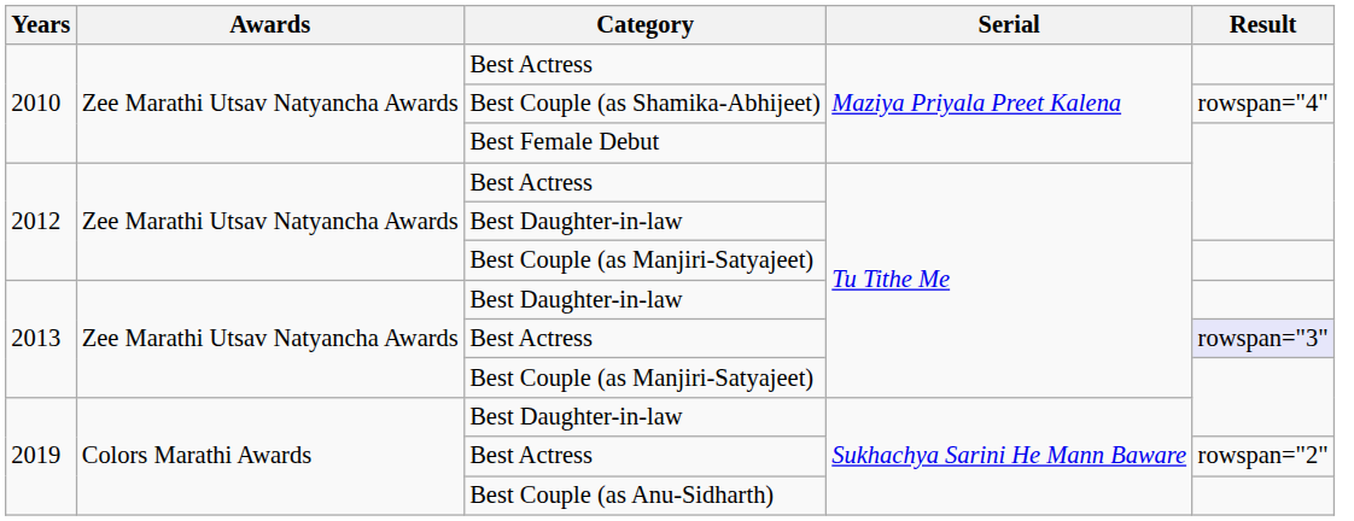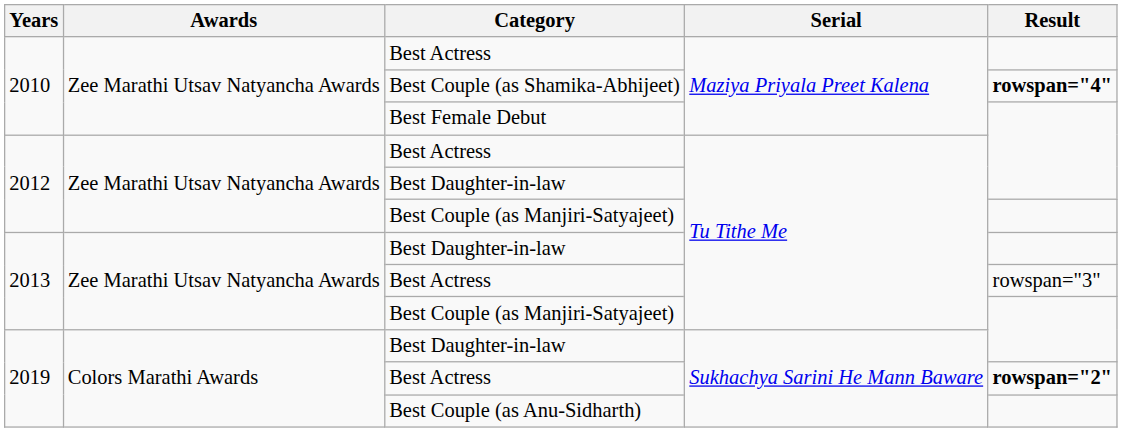 <table class="wikitable sortable">
 <tr>
 <th>Years</th>
 <th>Awards</th>
 <th>Category</th>
 <th>Serial</th>
 <th>Result</th>
 </tr>
 <tr>
 <td rowspan="3">2010</td>
 <td rowspan="3">Zee Marathi Utsav Natyancha Awards</td>
 <td>Best Actress</td>
 <td rowspan="3"><em><a href='#'>Maziya Priyala Preet Kalena</a></em></td>
 <td></td>
 </tr>
 <tr>
 <td>Best Couple (as Shamika-Abhijeet)</td>
-<td>rowspan="4" </td>
+<td><strong>rowspan="4" </strong></td>
 </tr>
 <tr>
 <td>Best Female Debut</td>
 </tr>
 <tr>
 <td rowspan="3">2012</td>
 <td rowspan="3">Zee Marathi Utsav Natyancha Awards</td>
 <td>Best Actress</td>
 <td rowspan="6"><em><a href='#'>Tu Tithe Me</a></em></td>
 </tr>
 <tr>
 <td>Best Daughter-in-law</td>
 </tr>
 <tr>
 <td>Best Couple (as Manjiri-Satyajeet)</td>
 <td></td>
 </tr>
 <tr>
 <td rowspan="3">2013</td>
 <td rowspan="3">Zee Marathi Utsav Natyancha Awards</td>
 <td>Best Daughter-in-law</td>
 <td></td>
 </tr>
 <tr>
 <td>Best Actress</td>
-<td style="background: lavender;">rowspan="3" </td>
+<td>rowspan="3" </td>
 </tr>
 <tr>
 <td>Best Couple (as Manjiri-Satyajeet)</td>
 </tr>
 <tr>
 <td rowspan="3">2019</td>
 <td rowspan="3">Colors Marathi Awards</td>
 <td>Best Daughter-in-law</td>
 <td rowspan="3"><em><a href='#'>Sukhachya Sarini He Mann Baware</a></em></td>
 </tr>
 <tr>
 <td>Best Actress</td>
-<td>rowspan="2" </td>
+<td><strong>rowspan="2" </strong></td>
 </tr>
 <tr>
 <td>Best Couple (as Anu-Sidharth)</td>
 </tr>
 </table>
